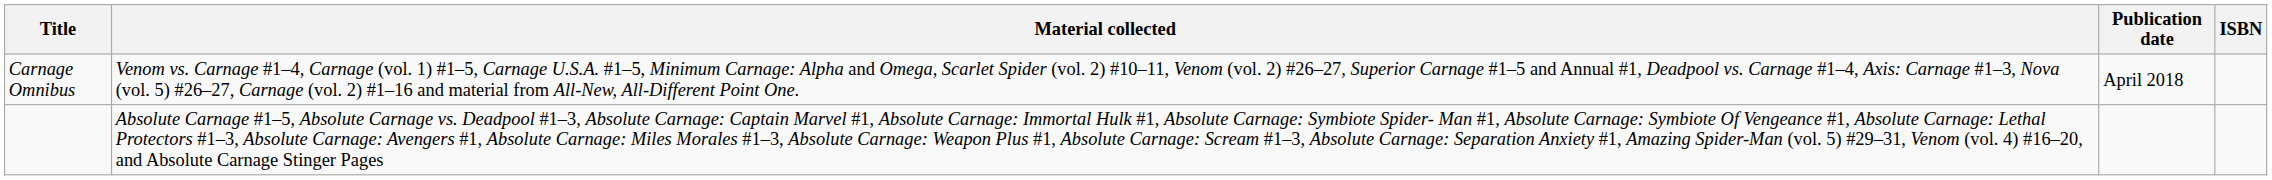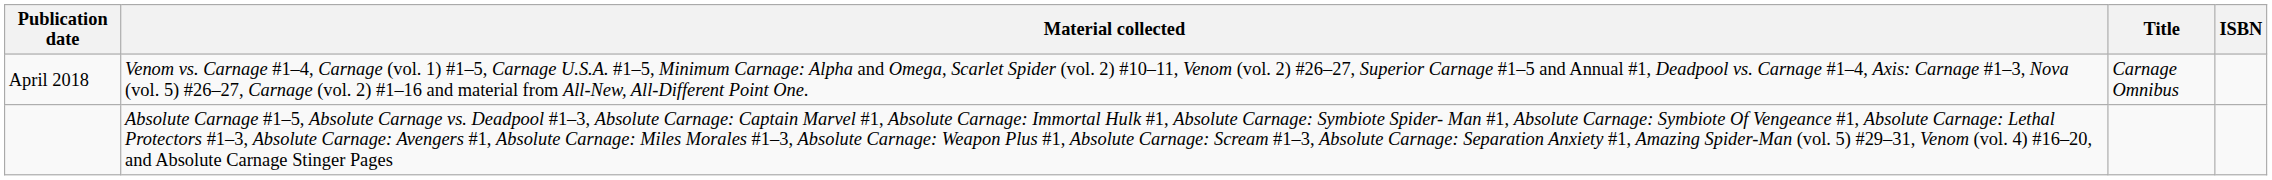 <table class="wikitable">
 <tr>
+<th>Publication date</th>
+<th>Material collected</th>
 <th>Title</th>
-<th>Material collected</th>
-<th>Publication date</th>
 <th>ISBN</th>
 </tr>
 <tr>
+<td>April 2018</td>
+<td><em>Venom vs. Carnage</em> #1–4, <em>Carnage</em> (vol. 1) #1–5, <em>Carnage U.S.A.</em> #1–5, <em>Minimum Carnage: Alpha</em> and <em>Omega</em>, <em>Scarlet Spider</em> (vol. 2) #10–11, <em>Venom</em> (vol. 2) #26–27, <em>Superior Carnage</em> #1–5 and Annual #1, <em>Deadpool vs. Carnage</em> #1–4, <em>Axis: Carnage</em> #1–3, <em>Nova</em> (vol. 5) #26–27, <em>Carnage</em> (vol. 2) #1–16 and material from <em>All-New, All-Different Point One</em>.</td>
 <td><em>Carnage Omnibus</em></td>
-<td><em>Venom vs. Carnage</em> #1–4, <em>Carnage</em> (vol. 1) #1–5, <em>Carnage U.S.A.</em> #1–5, <em>Minimum Carnage: Alpha</em> and <em>Omega</em>, <em>Scarlet Spider</em> (vol. 2) #10–11, <em>Venom</em> (vol. 2) #26–27, <em>Superior Carnage</em> #1–5 and Annual #1, <em>Deadpool vs. Carnage</em> #1–4, <em>Axis: Carnage</em> #1–3, <em>Nova</em> (vol. 5) #26–27, <em>Carnage</em> (vol. 2) #1–16 and material from <em>All-New, All-Different Point One</em>.</td>
-<td>April 2018</td>
 <td></td>
 </tr>
 <tr>
+<td></td>
+<td><em>Absolute Carnage</em> #1–5, <em>Absolute Carnage vs. Deadpool</em> #1–3, <em>Absolute Carnage: Captain Marvel</em> #1, <em>Absolute Carnage: Immortal Hulk</em> #1, <em>Absolute Carnage: Symbiote Spider- Man</em> #1, <em>Absolute Carnage: Symbiote Of Vengeance</em> #1, <em>Absolute Carnage: Lethal Protectors</em> #1–3, <em>Absolute Carnage: Avengers</em> #1, <em>Absolute Carnage: Miles Morales</em> #1–3, <em>Absolute Carnage: Weapon Plus</em> #1, <em>Absolute Carnage: Scream</em> #1–3, <em>Absolute Carnage: Separation Anxiety</em> #1, <em>Amazing Spider-Man</em> (vol. 5) #29–31, <em>Venom</em> (vol. 4) #16–20, and Absolute Carnage Stinger Pages</td>
 <td><em></em></td>
-<td><em>Absolute Carnage</em> #1–5, <em>Absolute Carnage vs. Deadpool</em> #1–3, <em>Absolute Carnage: Captain Marvel</em> #1, <em>Absolute Carnage: Immortal Hulk</em> #1, <em>Absolute Carnage: Symbiote Spider- Man</em> #1, <em>Absolute Carnage: Symbiote Of Vengeance</em> #1, <em>Absolute Carnage: Lethal Protectors</em> #1–3, <em>Absolute Carnage: Avengers</em> #1, <em>Absolute Carnage: Miles Morales</em> #1–3, <em>Absolute Carnage: Weapon Plus</em> #1, <em>Absolute Carnage: Scream</em> #1–3, <em>Absolute Carnage: Separation Anxiety</em> #1, <em>Amazing Spider-Man</em> (vol. 5) #29–31, <em>Venom</em> (vol. 4) #16–20, and Absolute Carnage Stinger Pages</td>
-<td></td>
 <td></td>
 </tr>
 </table>
